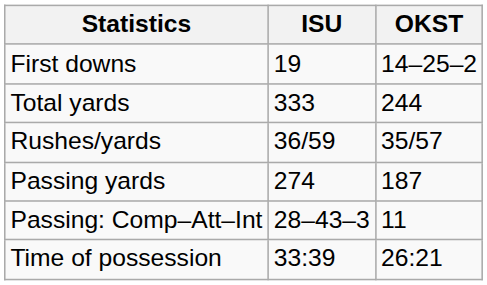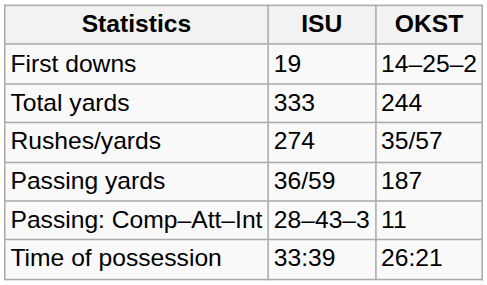 <table class="wikitable" style="float: left;">
 <tr>
 <th>Statistics</th>
 <th>ISU</th>
 <th>OKST</th>
 </tr>
 <tr>
 <td>First downs</td>
 <td>19</td>
 <td>14–25–2</td>
 </tr>
 <tr>
 <td>Total yards</td>
 <td>333</td>
 <td>244</td>
 </tr>
 <tr>
 <td>Rushes/yards</td>
-<td>36/59</td>
+<td>274</td>
 <td>35/57</td>
 </tr>
 <tr>
 <td>Passing yards</td>
-<td>274</td>
+<td>36/59</td>
 <td>187</td>
 </tr>
 <tr>
 <td>Passing: Comp–Att–Int</td>
 <td>28–43–3</td>
 <td>11</td>
 </tr>
 <tr>
 <td>Time of possession</td>
 <td>33:39</td>
 <td>26:21</td>
 </tr>
 </table>
